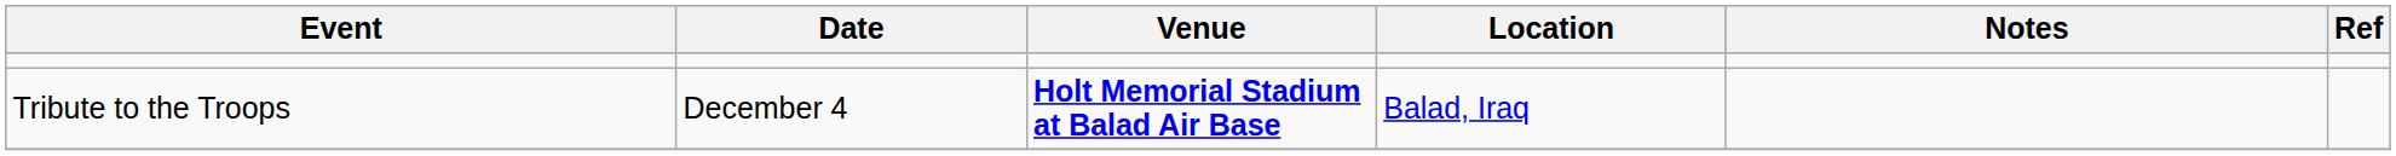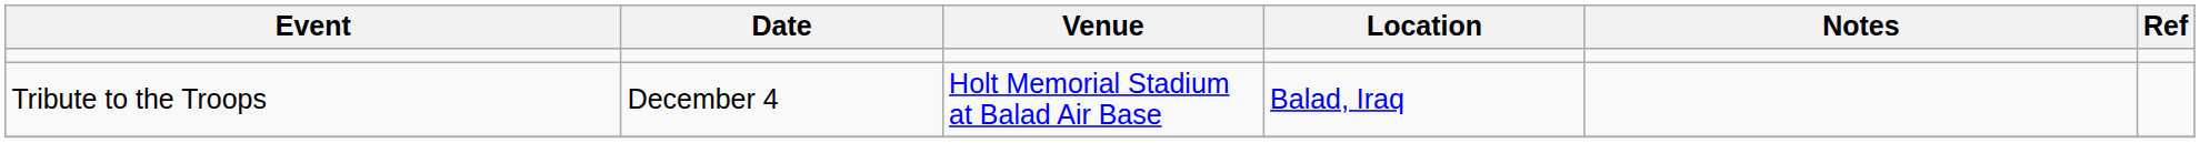 <table class="wikitable plainrowheaders sortable" style="width:100%;">
 <tr>
 <th style="width:29%;">Event</th>
 <th style="width:15%;">Date</th>
 <th style="width:15%;">Venue</th>
 <th style="width:15%;">Location</th>
 <th style="width:99%;">Notes</th>
 <th style="width:99%;">Ref</th>
 </tr>
 <tr>
 <td></td>
 <td></td>
 <td></td>
 <td></td>
 <td></td>
 </tr>
 <tr>
 <td>Tribute to the Troops</td>
 <td>December 4<br></td>
-<td><strong><a href='#'>Holt Memorial Stadium at Balad Air Base</a></strong></td>
+<td><a href='#'>Holt Memorial Stadium at Balad Air Base</a></td>
 <td><a href='#'>Balad, Iraq</a></td>
 <td></td>
 <td></td>
 </tr>
 <tr>
 </tr>
 </table>
